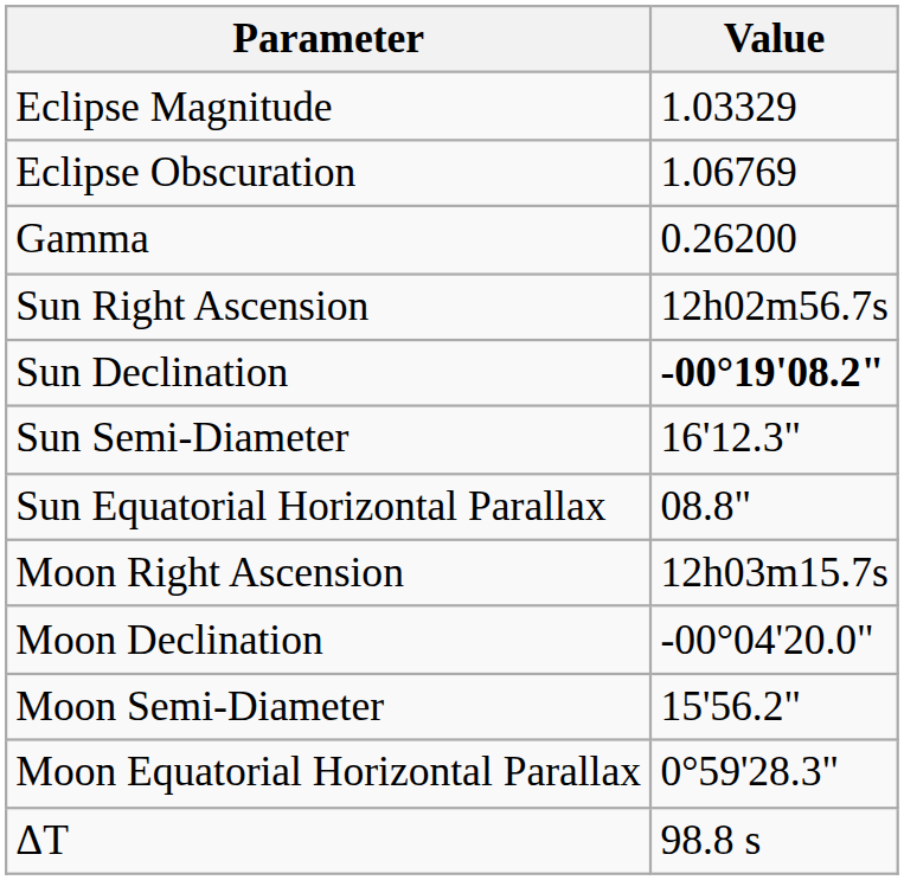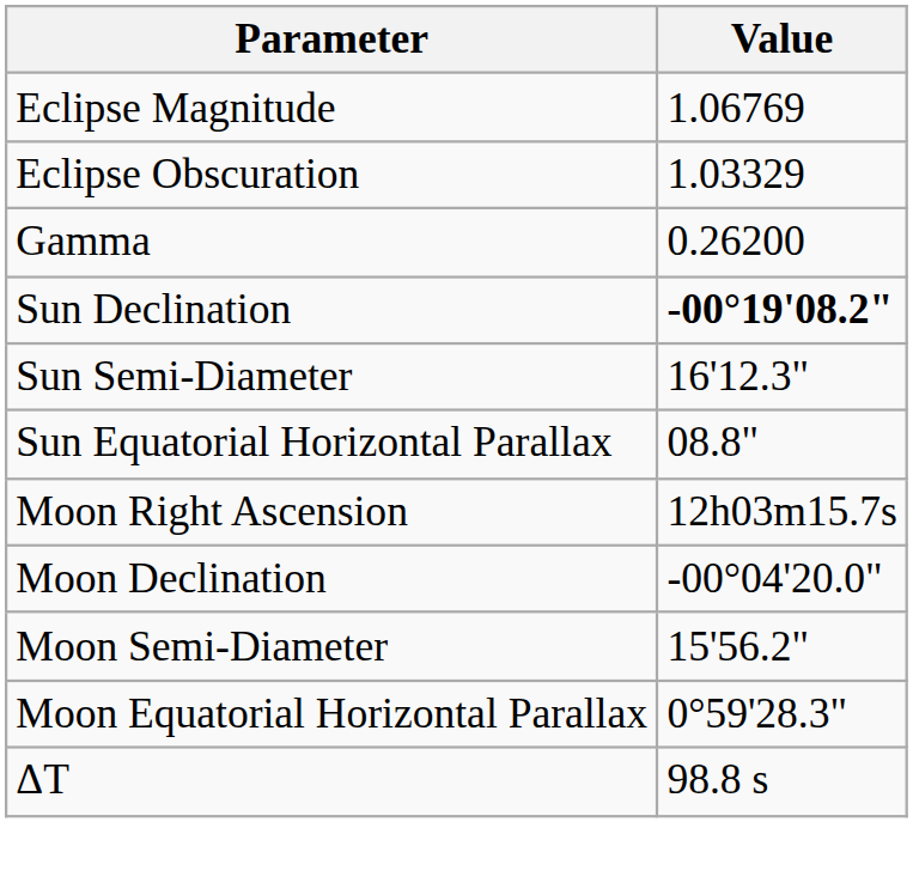 <table class="wikitable">
 <tr>
 <th>Parameter</th>
 <th>Value</th>
 </tr>
 <tr>
 <td>Eclipse Magnitude</td>
-<td>1.03329</td>
+<td>1.06769</td>
 </tr>
 <tr>
 <td>Eclipse Obscuration</td>
-<td>1.06769</td>
+<td>1.03329</td>
 </tr>
 <tr>
 <td>Gamma</td>
 <td>0.26200</td>
-</tr>
-<tr>
-<td>Sun Right Ascension</td>
-<td>12h02m56.7s</td>
 </tr>
 <tr>
 <td>Sun Declination</td>
 <td><strong>-00°19'08.2"</strong></td>
 </tr>
 <tr>
 <td>Sun Semi-Diameter</td>
 <td>16'12.3"</td>
 </tr>
 <tr>
 <td>Sun Equatorial Horizontal Parallax</td>
 <td>08.8"</td>
 </tr>
 <tr>
 <td>Moon Right Ascension</td>
 <td>12h03m15.7s</td>
 </tr>
 <tr>
 <td>Moon Declination</td>
 <td>-00°04'20.0"</td>
 </tr>
 <tr>
 <td>Moon Semi-Diameter</td>
 <td>15'56.2"</td>
 </tr>
 <tr>
 <td>Moon Equatorial Horizontal Parallax</td>
 <td>0°59'28.3"</td>
 </tr>
 <tr>
 <td>ΔT</td>
 <td>98.8 s</td>
 </tr>
 </table>
